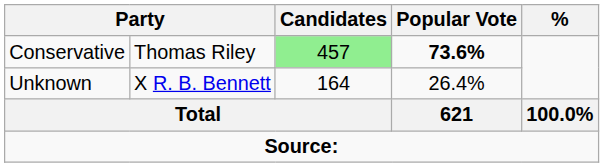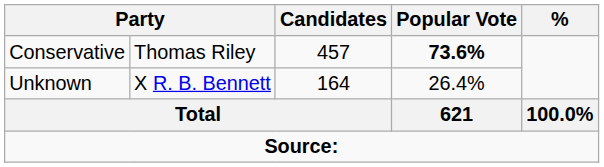 <table class="wikitable">
 <tr>
 <th colspan="2">Party</th>
 <th>Candidates</th>
 <th>Popular Vote</th>
 <th>%</th>
 </tr>
 <tr>
 <td>Conservative</td>
 <td>Thomas Riley</td>
-<td align=center style="background: lightgreen;">457</td>
+<td align=center>457</td>
 <td align=center><strong>73.6%</strong></td>
 </tr>
 <tr>
 <td>Unknown</td>
 <td> X <a href='#'>R. B. Bennett</a></td>
 <td align=center>164</td>
 <td align=center>26.4%</td>
 </tr>
 <tr>
 <th colspan=3>Total</th>
 <th>621</th>
 <th>100.0%</th>
 </tr>
 <tr>
 <td align=center colspan=5><strong>Source:</strong> </td>
 </tr>
 </table>
